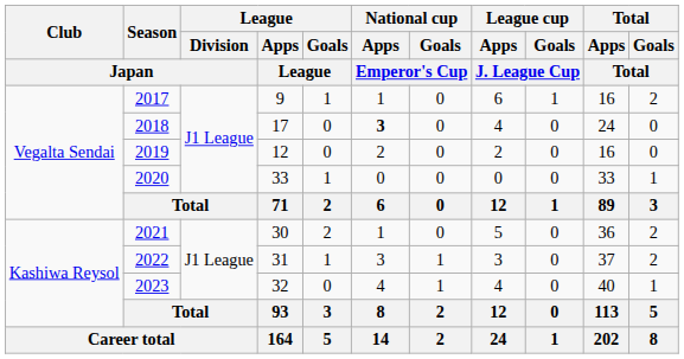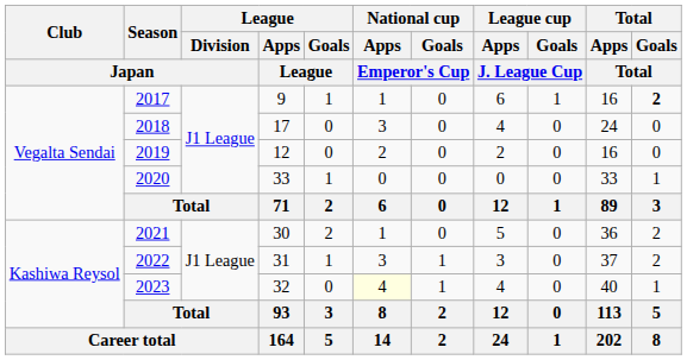 <table class="wikitable" style="text-align:center">
 <tr>
 <th rowspan=2>Club</th>
 <th rowspan=2>Season</th>
 <th colspan=3>League</th>
 <th colspan=2>National cup</th>
 <th colspan=2>League cup</th>
 <th colspan=2>Total</th>
 </tr>
 <tr>
 <th>Division</th>
 <th>Apps</th>
 <th>Goals</th>
 <th>Apps</th>
 <th>Goals</th>
 <th>Apps</th>
 <th>Goals</th>
 <th>Apps</th>
 <th>Goals</th>
 </tr>
 <tr>
 <th colspan=3>Japan</th>
 <th colspan=2>League</th>
 <th colspan=2><a href='#'>Emperor's Cup</a></th>
 <th colspan=2><a href='#'>J. League Cup</a></th>
 <th colspan=2>Total</th>
 </tr>
 <tr>
 <td rowspan="5"><a href='#'>Vegalta Sendai</a></td>
 <td><a href='#'>2017</a></td>
 <td rowspan="4"><a href='#'>J1 League</a></td>
 <td>9</td>
 <td>1</td>
 <td>1</td>
 <td>0</td>
 <td>6</td>
 <td>1</td>
 <td>16</td>
-<td>2</td>
+<td><strong>2</strong></td>
 </tr>
 <tr>
 <td><a href='#'>2018</a></td>
 <td>17</td>
 <td>0</td>
-<td><strong>3</strong></td>
+<td>3</td>
 <td>0</td>
 <td>4</td>
 <td>0</td>
 <td>24</td>
 <td>0</td>
 </tr>
 <tr>
 <td><a href='#'>2019</a></td>
 <td>12</td>
 <td>0</td>
 <td>2</td>
 <td>0</td>
 <td>2</td>
 <td>0</td>
 <td>16</td>
 <td>0</td>
 </tr>
 <tr>
 <td><a href='#'>2020</a></td>
 <td>33</td>
 <td>1</td>
 <td>0</td>
 <td>0</td>
 <td>0</td>
 <td>0</td>
 <td>33</td>
 <td>1</td>
 </tr>
 <tr>
 <th colspan="2">Total</th>
 <th>71</th>
 <th>2</th>
 <th>6</th>
 <th>0</th>
 <th>12</th>
 <th>1</th>
 <th>89</th>
 <th>3</th>
 </tr>
 <tr>
 <td rowspan="4"><a href='#'>Kashiwa Reysol</a></td>
 <td><a href='#'>2021</a></td>
 <td rowspan="3">J1 League</td>
 <td>30</td>
 <td>2</td>
 <td>1</td>
 <td>0</td>
 <td>5</td>
 <td>0</td>
 <td>36</td>
 <td>2</td>
 </tr>
 <tr>
 <td><a href='#'>2022</a></td>
 <td>31</td>
 <td>1</td>
 <td>3</td>
 <td>1</td>
 <td>3</td>
 <td>0</td>
 <td>37</td>
 <td>2</td>
 </tr>
 <tr>
 <td><a href='#'>2023</a></td>
 <td>32</td>
 <td>0</td>
-<td>4</td>
+<td style="background: lightyellow;">4</td>
 <td>1</td>
 <td>4</td>
 <td>0</td>
 <td>40</td>
 <td>1</td>
 </tr>
 <tr>
 <th colspan="2">Total</th>
 <th>93</th>
 <th>3</th>
 <th>8</th>
 <th>2</th>
 <th>12</th>
 <th>0</th>
 <th>113</th>
 <th>5</th>
 </tr>
 <tr>
 <th colspan=3>Career total</th>
 <th>164</th>
 <th>5</th>
 <th>14</th>
 <th>2</th>
 <th>24</th>
 <th>1</th>
 <th>202</th>
 <th>8</th>
 </tr>
 </table>
